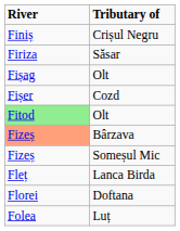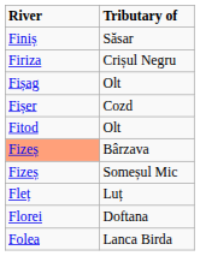 <table class="wikitable">
 <tr>
 <td width="100pt"><strong>River</strong></td>
 <td width="100pt"><strong>Tributary of</strong></td>
 </tr>
 <tr>
 <td><a href='#'>Finiș</a></td>
-<td>Crișul Negru</td>
+<td>Săsar</td>
 </tr>
 <tr>
 <td><a href='#'>Firiza</a></td>
-<td>Săsar</td>
+<td>Crișul Negru</td>
 </tr>
 <tr>
 <td><a href='#'>Fișag</a></td>
 <td>Olt</td>
 </tr>
 <tr>
 <td><a href='#'>Fișer</a></td>
 <td>Cozd</td>
 </tr>
 <tr>
-<td style="background: lightgreen;"><a href='#'>Fitod</a></td>
+<td><a href='#'>Fitod</a></td>
 <td>Olt</td>
 </tr>
 <tr>
 <td style="background: lightsalmon;"><a href='#'>Fizeș</a></td>
 <td>Bârzava</td>
 </tr>
 <tr>
 <td><a href='#'>Fizeș</a></td>
 <td>Someșul Mic</td>
 </tr>
 <tr>
 <td><a href='#'>Fleț</a></td>
-<td>Lanca Birda</td>
+<td>Luț</td>
 </tr>
 <tr>
 <td><a href='#'>Florei</a></td>
 <td>Doftana</td>
 </tr>
 <tr>
 <td><a href='#'>Folea</a></td>
-<td>Luț</td>
+<td>Lanca Birda</td>
 </tr>
 </table>
